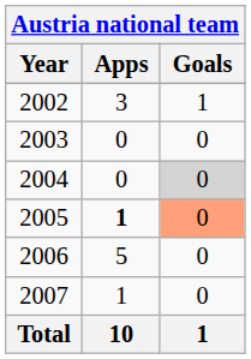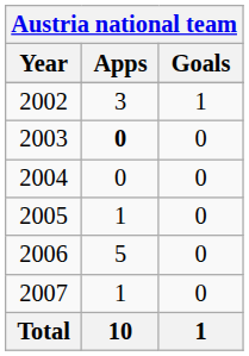 <table class="wikitable" style="text-align:center">
 <tr>
 <th colspan=3><a href='#'>Austria national team</a></th>
 </tr>
 <tr>
 <th>Year</th>
 <th>Apps</th>
 <th>Goals</th>
 </tr>
 <tr>
 </tr>
 <tr>
 <td>2002</td>
 <td>3</td>
 <td>1</td>
 </tr>
 <tr>
 <td>2003</td>
-<td>0</td>
+<td><strong>0</strong></td>
 <td>0</td>
 </tr>
 <tr>
 <td>2004</td>
 <td>0</td>
-<td style="background: lightgrey;">0</td>
+<td>0</td>
 </tr>
 <tr>
 <td>2005</td>
-<td><strong>1</strong></td>
-<td style="background: lightsalmon;">0</td>
+<td>1</td>
+<td>0</td>
 </tr>
 <tr>
 <td>2006</td>
 <td>5</td>
 <td>0</td>
 </tr>
 <tr>
 <td>2007</td>
 <td>1</td>
 <td>0</td>
 </tr>
 <tr>
 <th>Total</th>
 <th>10</th>
 <th>1</th>
 </tr>
 </table>
